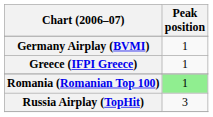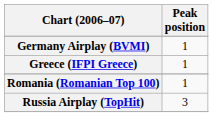 <table class="wikitable plainrowheaders sortable" style="text-align:center;">
 <tr>
 <th scope="col">Chart (2006–07)</th>
 <th scope="col">Peak<br>position</th>
 </tr>
 <tr>
 </tr>
 <tr>
 </tr>
 <tr>
 </tr>
 <tr>
 <th scope="row">Germany Airplay (<a href='#'>BVMI</a>)</th>
 <td>1</td>
 </tr>
 <tr>
 <th scope="row">Greece (<a href='#'>IFPI Greece</a>)</th>
 <td>1</td>
 </tr>
 <tr>
 </tr>
 <tr>
 <th scope="row">Romania (<a href='#'>Romanian Top 100</a>)</th>
-<td style="background: lightgreen;">1</td>
+<td>1</td>
 </tr>
 <tr>
 <th scope="row">Russia Airplay (<a href='#'>TopHit</a>)</th>
 <td>3</td>
 </tr>
 <tr>
 </tr>
 <tr>
 </tr>
 </table>
